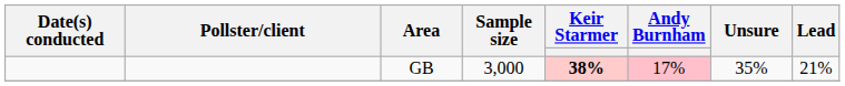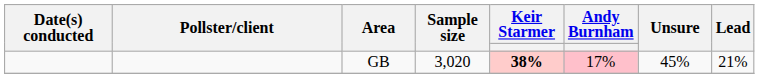 <table class="wikitable collapsible sortable mw-datatable" style="text-align:center;font-size:90%;line-height:14px">
 <tr>
 <th style="width:90px;" rowspan="2" class="unsortable">Date(s)<br>conducted</th>
 <th style="width:200px;" rowspan="2">Pollster/client</th>
 <th style="width:60px;" rowspan="2">Area</th>
 <th style="width:60px;" rowspan="2">Sample size</th>
 <th style="width:60px;" class="unsortable"><a href='#'>Keir Starmer</a></th>
 <th style="width:60px;" class="unsortable"><a href='#'>Andy Burnham</a></th>
 <th style="width:60px;" rowspan="2" class="unsortable">Unsure</th>
 <th class="unsortable" style="width:20px;" rowspan="2">Lead</th>
 </tr>
 <tr>
 <th class="unsortable" style="color:inherit;background:"></th>
 <th class="unsortable" style="color:inherit;background:"></th>
 </tr>
 <tr>
 <td></td>
 <td></td>
 <td>GB</td>
-<td>3,000</td>
+<td>3,020</td>
 <td style="background:#ffcccb"><strong>38%</strong></td>
 <td style="background: pink;">17%</td>
-<td>35%</td>
+<td>45%</td>
 <td style="background:">21%</td>
 </tr>
 <tr>
 </tr>
 </table>
